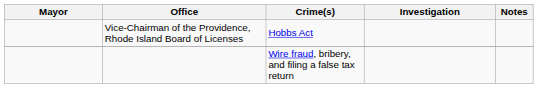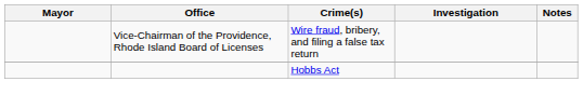 <table class="wikitable sortable">
 <tr>
 <th scope="col" style="width:15%;">Mayor</th>
 <th scope="col" style="width:25%;">Office</th>
 <th scope="col" style="width:15%;">Crime(s)</th>
 <th scope="col" style="width:20%;">Investigation</th>
 <th scope="col" class="unsortable" style="width:5%;">Notes</th>
 </tr>
 <tr>
 <td></td>
 <td>Vice-Chairman of the Providence, Rhode Island Board of Licenses</td>
-<td><a href='#'>Hobbs Act</a></td>
+<td><a href='#'>Wire fraud</a>, bribery, and filing a false tax return</td>
 <td></td>
 <td></td>
 </tr>
 <tr>
 </tr>
 <tr>
 <td></td>
 <td></td>
-<td><a href='#'>Wire fraud</a>, bribery, and filing a false tax return</td>
+<td><a href='#'>Hobbs Act</a></td>
 <td></td>
 <td></td>
 </tr>
 </table>
